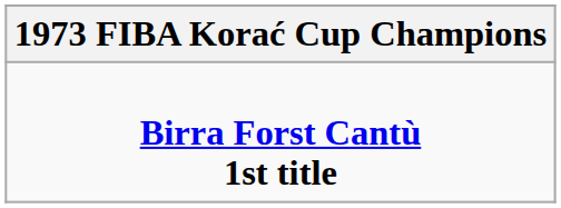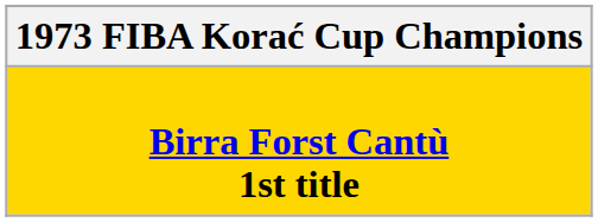 <table class=wikitable style="text-align:center; margin:auto">
 <tr>
 <th>1973 FIBA Korać Cup Champions</th>
 </tr>
 <tr>
-<td><br> <strong><a href='#'>Birra Forst Cantù</a></strong> <br> <strong>1st title</strong></td>
+<td style="background: gold;"><br> <strong><a href='#'>Birra Forst Cantù</a></strong> <br> <strong>1st title</strong></td>
 </tr>
 </table>
